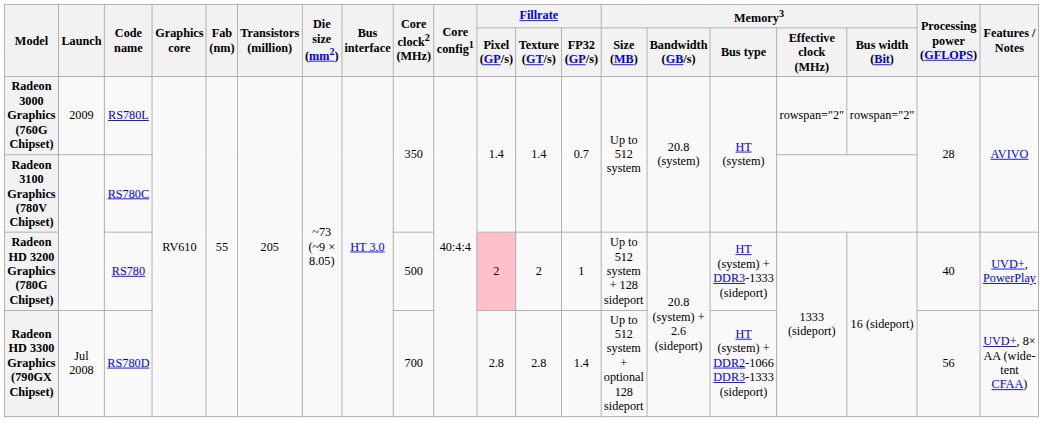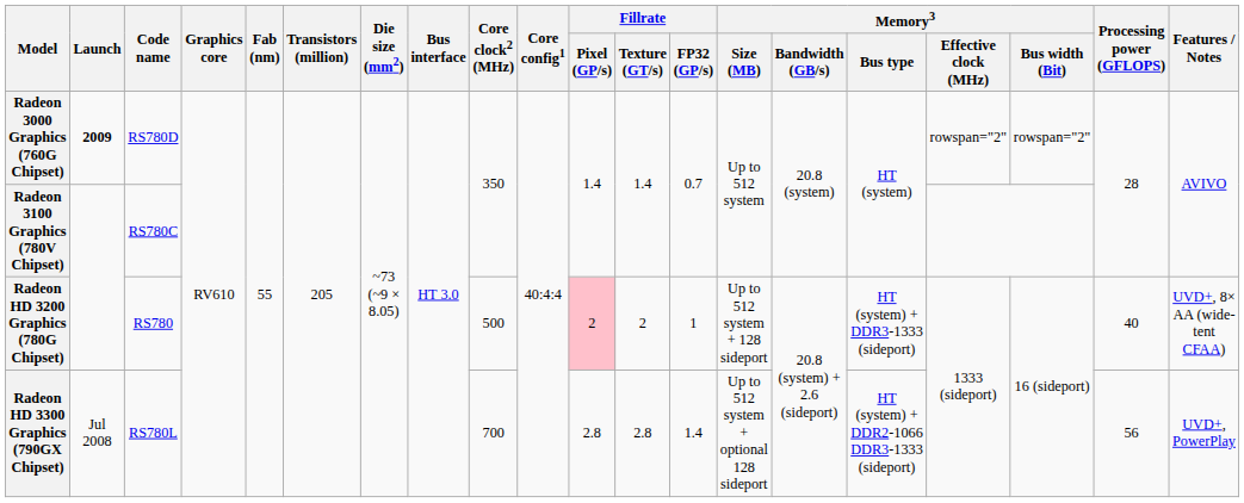 <table class="mw-datatable wikitable sortable sort-under" style="font-size:85%; text-align:center;">
 <tr>
 <th rowspan="2" style="width:12em">Model</th>
 <th rowspan="2">Launch</th>
 <th rowspan="2">Code name</th>
 <th rowspan="2">Graphics core</th>
 <th rowspan="2">Fab (nm)</th>
 <th rowspan="2">Transistors (million)</th>
 <th rowspan="2">Die size (<a href='#'>mm<sup>2</sup></a>)</th>
 <th rowspan="2">Bus interface</th>
 <th rowspan="2">Core clock<sup>2</sup> (MHz)</th>
 <th rowspan="2">Core config<sup>1</sup></th>
 <th colspan="3"><a href='#'>Fillrate</a></th>
 <th colspan="5">Memory<sup>3</sup></th>
 <th rowspan="2">Processing power<br>(<a href='#'>GFLOPS</a>)</th>
 <th rowspan="2">Features / Notes</th>
 </tr>
 <tr>
 <th>Pixel (<a href='#'>GP</a>/s)</th>
 <th>Texture (<a href='#'>GT</a>/s)</th>
 <th>FP32 (<a href='#'>GP</a>/s)</th>
 <th>Size (<a href='#'>MB</a>)</th>
 <th>Bandwidth (<a href='#'>GB</a>/s)</th>
 <th>Bus type</th>
 <th>Effective clock (MHz)</th>
 <th>Bus width (<a href='#'>Bit</a>)</th>
 </tr>
 <tr>
 <th>Radeon 3000 Graphics (760G Chipset)</th>
-<td>2009</td>
-<td><a href='#'>RS780L</a></td>
+<td><strong>2009</strong></td>
+<td><a href='#'>RS780D</a></td>
 <td rowspan="4">RV610</td>
 <td rowspan="4">55</td>
 <td rowspan="4">205</td>
 <td rowspan="4">~73 (~9 × 8.05)</td>
 <td rowspan="4"><a href='#'>HT 3.0</a></td>
 <td rowspan="2">350</td>
 <td rowspan="4">40:4:4</td>
 <td rowspan="2">1.4</td>
 <td rowspan="2">1.4</td>
 <td rowspan="2">0.7</td>
 <td rowspan="2">Up to 512 system</td>
 <td rowspan="2">20.8 (system)</td>
 <td rowspan="2"><a href='#'>HT</a> (system)</td>
 <td>rowspan="2" </td>
 <td>rowspan="2" </td>
 <td rowspan="2">28</td>
 <td rowspan="2"><a href='#'>AVIVO</a></td>
 </tr>
 <tr>
 <th>Radeon 3100 Graphics (780V Chipset)</th>
 <td rowspan="2"></td>
 <td><a href='#'>RS780C</a></td>
 </tr>
 <tr>
 <th>Radeon HD 3200 Graphics (780G Chipset)</th>
 <td><a href='#'>RS780</a></td>
 <td>500</td>
 <td style="background: pink;">2</td>
 <td>2</td>
 <td>1</td>
 <td>Up to 512 system + 128 sideport</td>
 <td rowspan="2">20.8 (system) + 2.6 (sideport)</td>
 <td><a href='#'>HT</a> (system) + <a href='#'>DDR3</a>-1333 (sideport)</td>
 <td rowspan="2">1333 (sideport)</td>
 <td rowspan="2">16 (sideport)</td>
 <td>40</td>
-<td><a href='#'>UVD+</a>, <a href='#'>PowerPlay</a></td>
+<td><a href='#'>UVD+</a>, 8× AA (wide-tent <a href='#'>CFAA</a>)</td>
 </tr>
 <tr>
 <th>Radeon HD 3300 Graphics (790GX Chipset)</th>
 <td>Jul 2008</td>
-<td><a href='#'>RS780D</a></td>
+<td><a href='#'>RS780L</a></td>
 <td>700</td>
 <td>2.8</td>
 <td>2.8</td>
 <td>1.4</td>
 <td>Up to 512 system + optional 128 sideport</td>
 <td><a href='#'>HT</a> (system) + <a href='#'>DDR2</a>-1066 <a href='#'>DDR3</a>-1333 (sideport)</td>
 <td>56</td>
-<td><a href='#'>UVD+</a>, 8× AA (wide-tent <a href='#'>CFAA</a>)</td>
+<td><a href='#'>UVD+</a>, <a href='#'>PowerPlay</a></td>
 </tr>
 </table>
